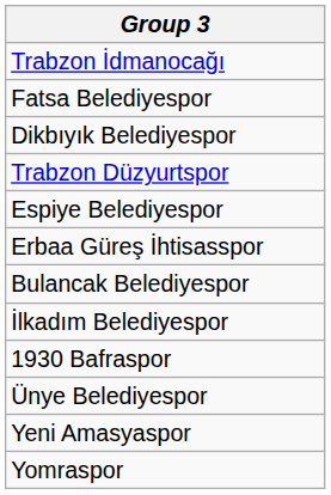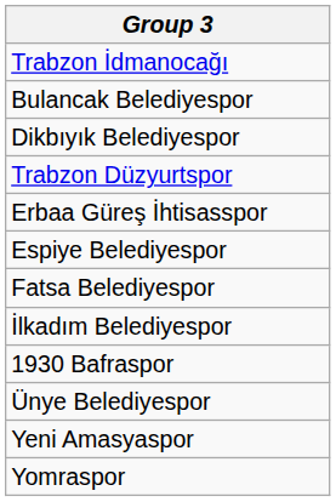 <table class="wikitable collapsible collapsed" style="font-size:95%;">
 <tr>
 <th colspan="1" width="200"><em>Group 3</em></th>
 </tr>
 <tr>
 <td><a href='#'>Trabzon İdmanocağı</a></td>
 </tr>
 <tr>
-<td>Fatsa Belediyespor</td>
+<td>Bulancak Belediyespor</td>
 </tr>
 <tr>
 <td>Dikbıyık Belediyespor</td>
 </tr>
 <tr>
 <td><a href='#'>Trabzon Düzyurtspor</a></td>
 </tr>
 <tr>
+<td>Erbaa Güreş İhtisasspor</td>
+</tr>
+<tr>
 <td>Espiye Belediyespor</td>
 </tr>
 <tr>
-<td>Erbaa Güreş İhtisasspor</td>
-</tr>
-<tr>
-<td>Bulancak Belediyespor</td>
+<td>Fatsa Belediyespor</td>
 </tr>
 <tr>
 <td>İlkadım Belediyespor</td>
 </tr>
 <tr>
 <td>1930 Bafraspor</td>
 </tr>
 <tr>
 <td>Ünye Belediyespor</td>
 </tr>
 <tr>
 <td>Yeni Amasyaspor</td>
 </tr>
 <tr>
 <td>Yomraspor</td>
 </tr>
 </table>
